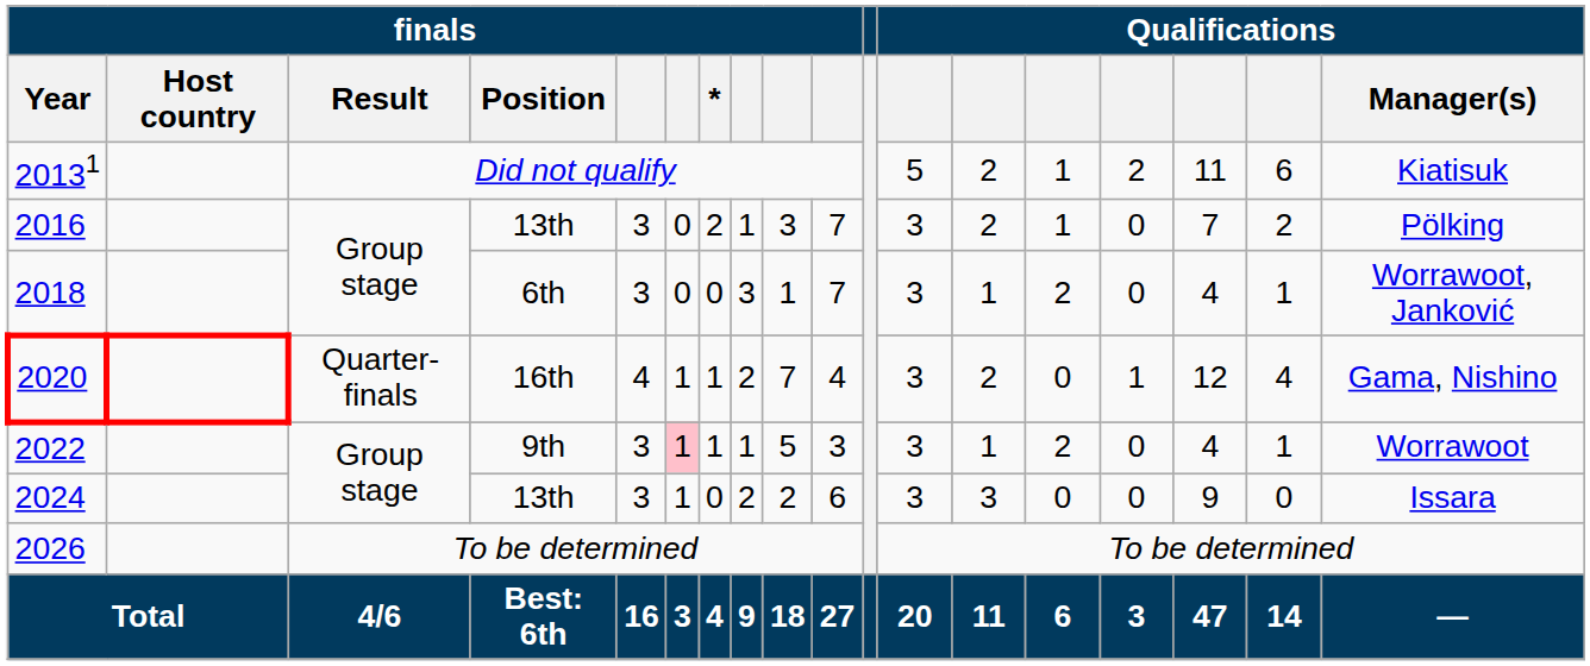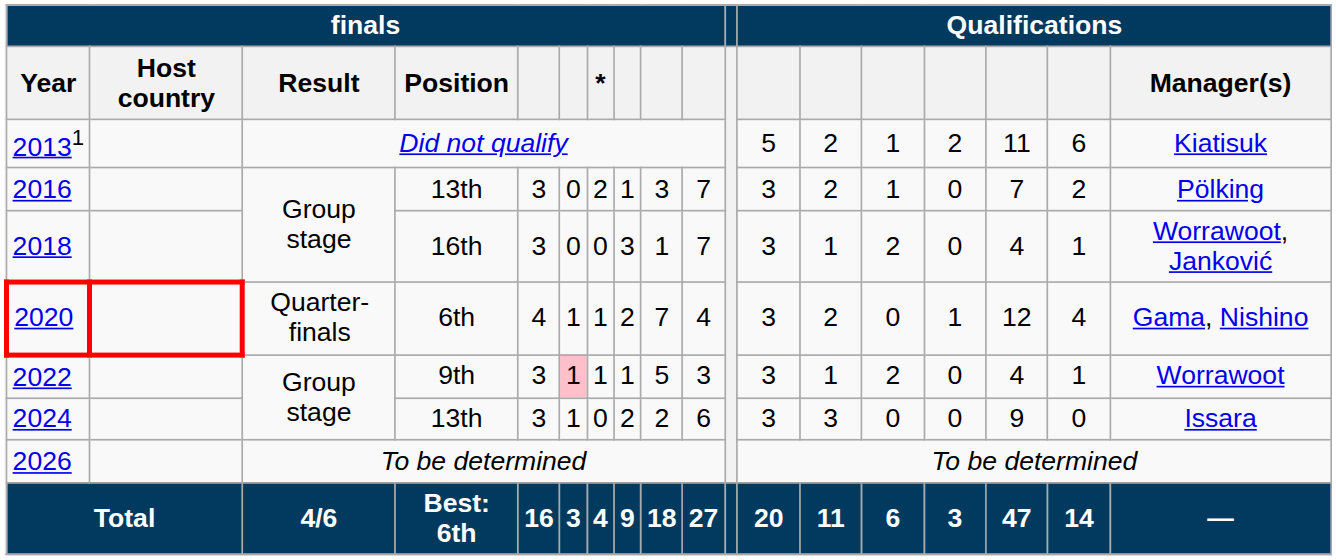 <table class="wikitable" style="text-align: center; font-size:100%; width: 800px">
 <tr>
 <th colspan="10" style="background: #013A5E; color: #FFFFFF;"><a href='#'></a> finals</th>
 <th style="background: #013A5E; color: #FFFFFF;"></th>
 <th colspan="7" style="background: #013A5E; color: #FFFFFF;">Qualifications</th>
 </tr>
 <tr>
 <th>Year</th>
 <th>Host country</th>
 <th>Result</th>
 <th>Position</th>
 <th></th>
 <th></th>
 <th>*</th>
 <th></th>
 <th></th>
 <th></th>
 <th style="width:1%;" rowspan="8"></th>
 <th width=30></th>
 <th width=30></th>
 <th width=30></th>
 <th width=30></th>
 <th width=30></th>
 <th width=30></th>
 <th>Manager(s)</th>
 </tr>
 <tr>
 <td style="text-align: left"><a href='#'>2013</a><sup>1</sup></td>
 <td style="text-align: left"></td>
 <td colspan="8" style="text-align:center"><em><a href='#'>Did not qualify</a></em></td>
 <td>5</td>
 <td>2</td>
 <td>1</td>
 <td>2</td>
 <td>11</td>
 <td>6</td>
 <td><a href='#'>Kiatisuk</a></td>
 </tr>
 <tr>
 <td style="text-align: left"><a href='#'>2016</a></td>
 <td style="text-align: left"></td>
 <td rowspan=2>Group stage</td>
 <td>13th</td>
 <td>3</td>
 <td>0</td>
 <td>2</td>
 <td>1</td>
 <td>3</td>
 <td>7</td>
 <td>3</td>
 <td>2</td>
 <td>1</td>
 <td>0</td>
 <td>7</td>
 <td>2</td>
 <td><a href='#'>Pölking</a></td>
 </tr>
 <tr>
 <td style="text-align: left"><a href='#'>2018</a></td>
 <td style="text-align: left"></td>
-<td>6th</td>
+<td>16th</td>
 <td>3</td>
 <td>0</td>
 <td>0</td>
 <td>3</td>
 <td>1</td>
 <td>7</td>
 <td>3</td>
 <td>1</td>
 <td>2</td>
 <td>0</td>
 <td>4</td>
 <td>1</td>
 <td><a href='#'>Worrawoot</a>, <a href='#'>Janković</a></td>
 </tr>
 <tr>
 <td style="text-align: left; border: 3px solid red"><a href='#'>2020</a></td>
 <td style="text-align: left; border: 3px solid red"></td>
 <td>Quarter-finals</td>
-<td>16th</td>
+<td>6th</td>
 <td>4</td>
 <td>1</td>
 <td>1</td>
 <td>2</td>
 <td>7</td>
 <td>4</td>
 <td>3</td>
 <td>2</td>
 <td>0</td>
 <td>1</td>
 <td>12</td>
 <td>4</td>
 <td><a href='#'>Gama</a>, <a href='#'>Nishino</a></td>
 </tr>
 <tr>
 <td style="text-align: left"><a href='#'>2022</a></td>
 <td style="text-align: left"></td>
 <td rowspan=2>Group stage</td>
 <td>9th</td>
 <td>3</td>
 <td style="background: pink;">1</td>
 <td>1</td>
 <td>1</td>
 <td>5</td>
 <td>3</td>
 <td>3</td>
 <td>1</td>
 <td>2</td>
 <td>0</td>
 <td>4</td>
 <td>1</td>
 <td><a href='#'>Worrawoot</a></td>
 </tr>
 <tr>
 <td style="text-align: left"><a href='#'>2024</a></td>
 <td style="text-align: left"></td>
 <td>13th</td>
 <td>3</td>
 <td>1</td>
 <td>0</td>
 <td>2</td>
 <td>2</td>
 <td>6</td>
 <td>3</td>
 <td>3</td>
 <td>0</td>
 <td>0</td>
 <td>9</td>
 <td>0</td>
 <td><a href='#'>Issara</a></td>
 </tr>
 <tr>
 <td style="text-align: left"><a href='#'>2026</a></td>
 <td style="text-align: left"></td>
 <td rowspan="1" colspan="8" style="text-align:center"><em>To be determined</em></td>
 <td rowspan="1" colspan="7" style="text-align:center"><em>To be determined</em></td>
 </tr>
 <tr style="background: #013A5E; color: #FFFFFF;">
 <td colspan="2"><strong>Total</strong></td>
 <td><strong>4/6</strong></td>
 <td><strong>Best: 6th</strong></td>
 <td><strong>16</strong></td>
 <td><strong>3</strong></td>
 <td><strong>4</strong></td>
 <td><strong>9</strong></td>
 <td><strong>18</strong></td>
 <td><strong>27</strong></td>
 <td></td>
 <td><strong>20</strong></td>
 <td><strong>11</strong></td>
 <td><strong>6</strong></td>
 <td><strong>3</strong></td>
 <td><strong>47</strong></td>
 <td><strong>14</strong></td>
 <td><strong>—</strong></td>
 </tr>
 <tr>
 </tr>
 </table>
